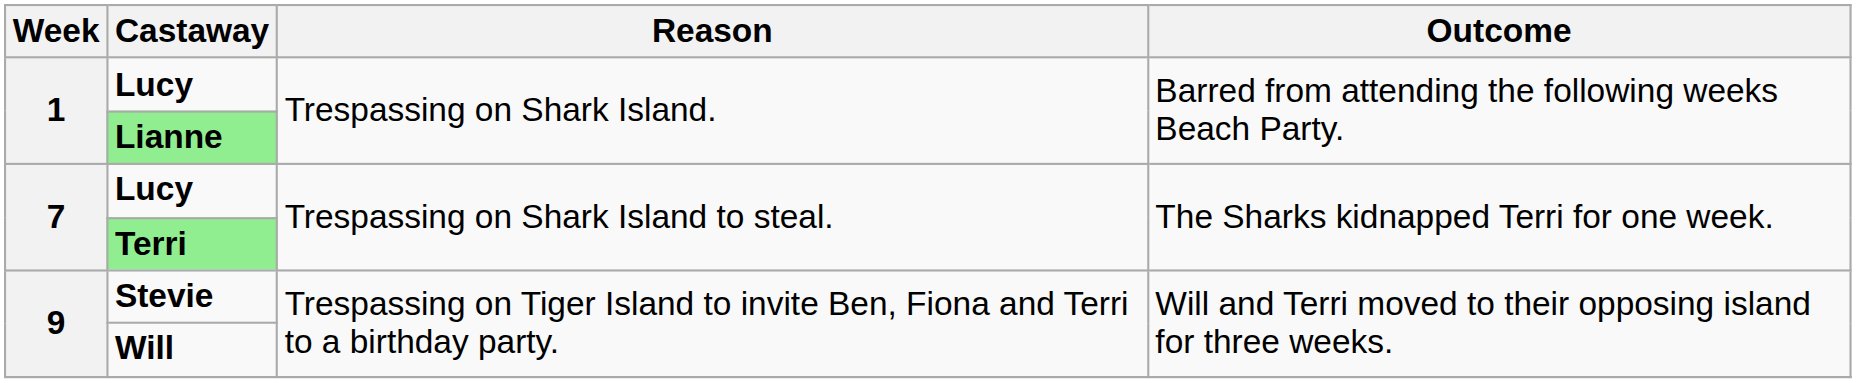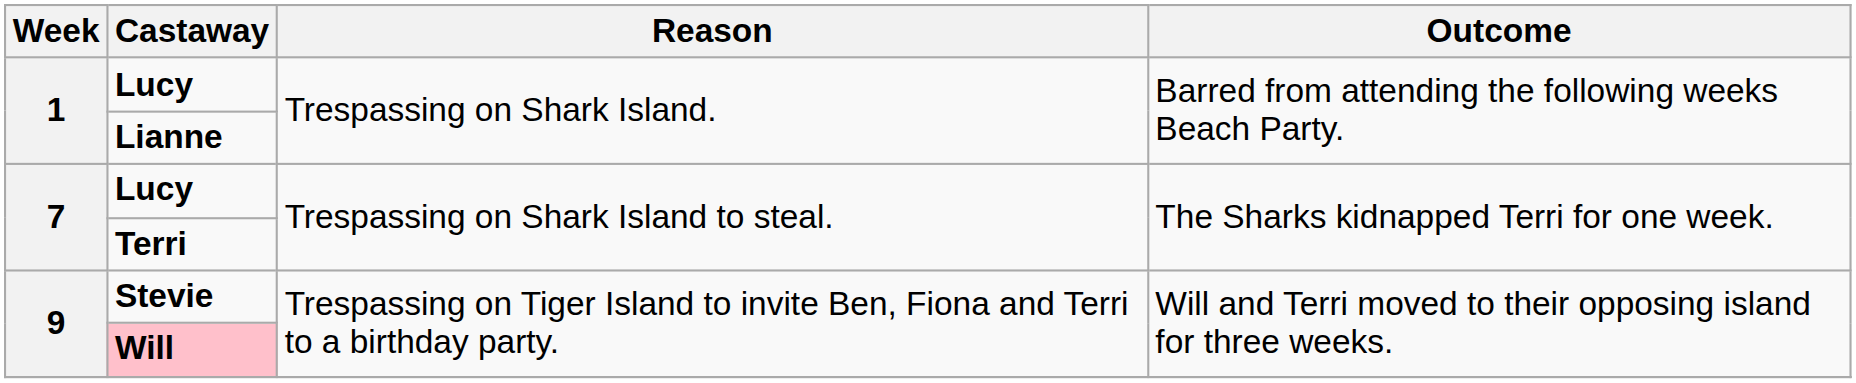 <table class="wikitable" style="margin: 1em auto 1em auto">
 <tr>
 <th>Week</th>
 <th>Castaway</th>
 <th>Reason</th>
 <th>Outcome</th>
 </tr>
 <tr>
 <th rowspan=2>1</th>
 <td><strong>Lucy</strong></td>
 <td rowspan=2>Trespassing on Shark Island.</td>
 <td rowspan=2>Barred from attending the following weeks Beach Party.</td>
 </tr>
 <tr>
-<td style="background: lightgreen;"><strong>Lianne</strong></td>
+<td><strong>Lianne</strong></td>
 </tr>
 <tr>
 <th rowspan=2>7</th>
 <td><strong>Lucy</strong></td>
 <td rowspan=2>Trespassing on Shark Island to steal.</td>
 <td rowspan=2>The Sharks kidnapped Terri for one week.</td>
 </tr>
 <tr>
-<td style="background: lightgreen;"><strong>Terri</strong></td>
+<td><strong>Terri</strong></td>
 </tr>
 <tr>
 <th rowspan=2>9</th>
 <td><strong>Stevie</strong></td>
 <td rowspan=2>Trespassing on Tiger Island to invite Ben, Fiona and Terri to a birthday party.</td>
 <td rowspan=2>Will and Terri moved to their opposing island for three weeks.</td>
 </tr>
 <tr>
-<td><strong>Will</strong></td>
+<td style="background: pink;"><strong>Will</strong></td>
 </tr>
 <tr>
 </tr>
 </table>
